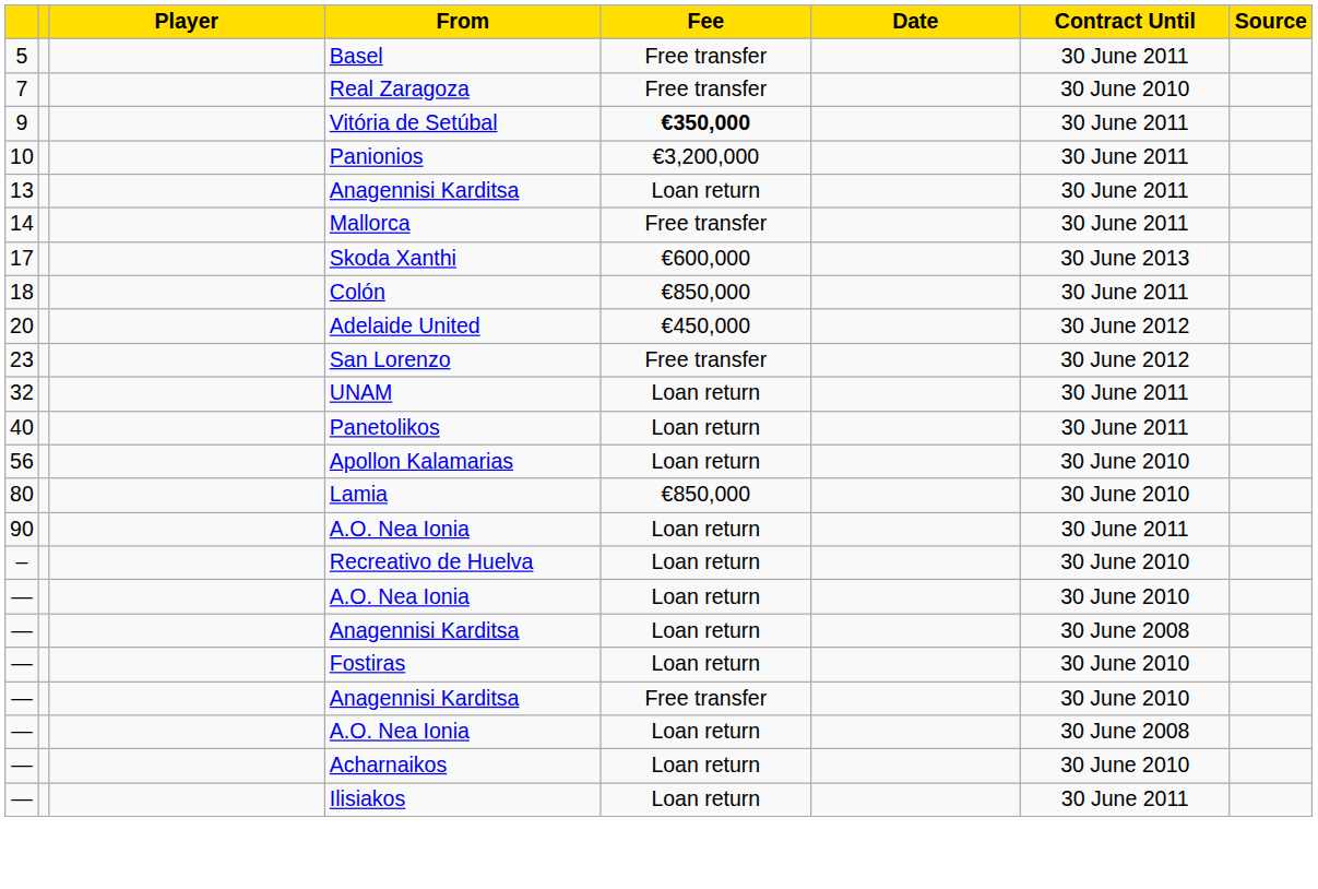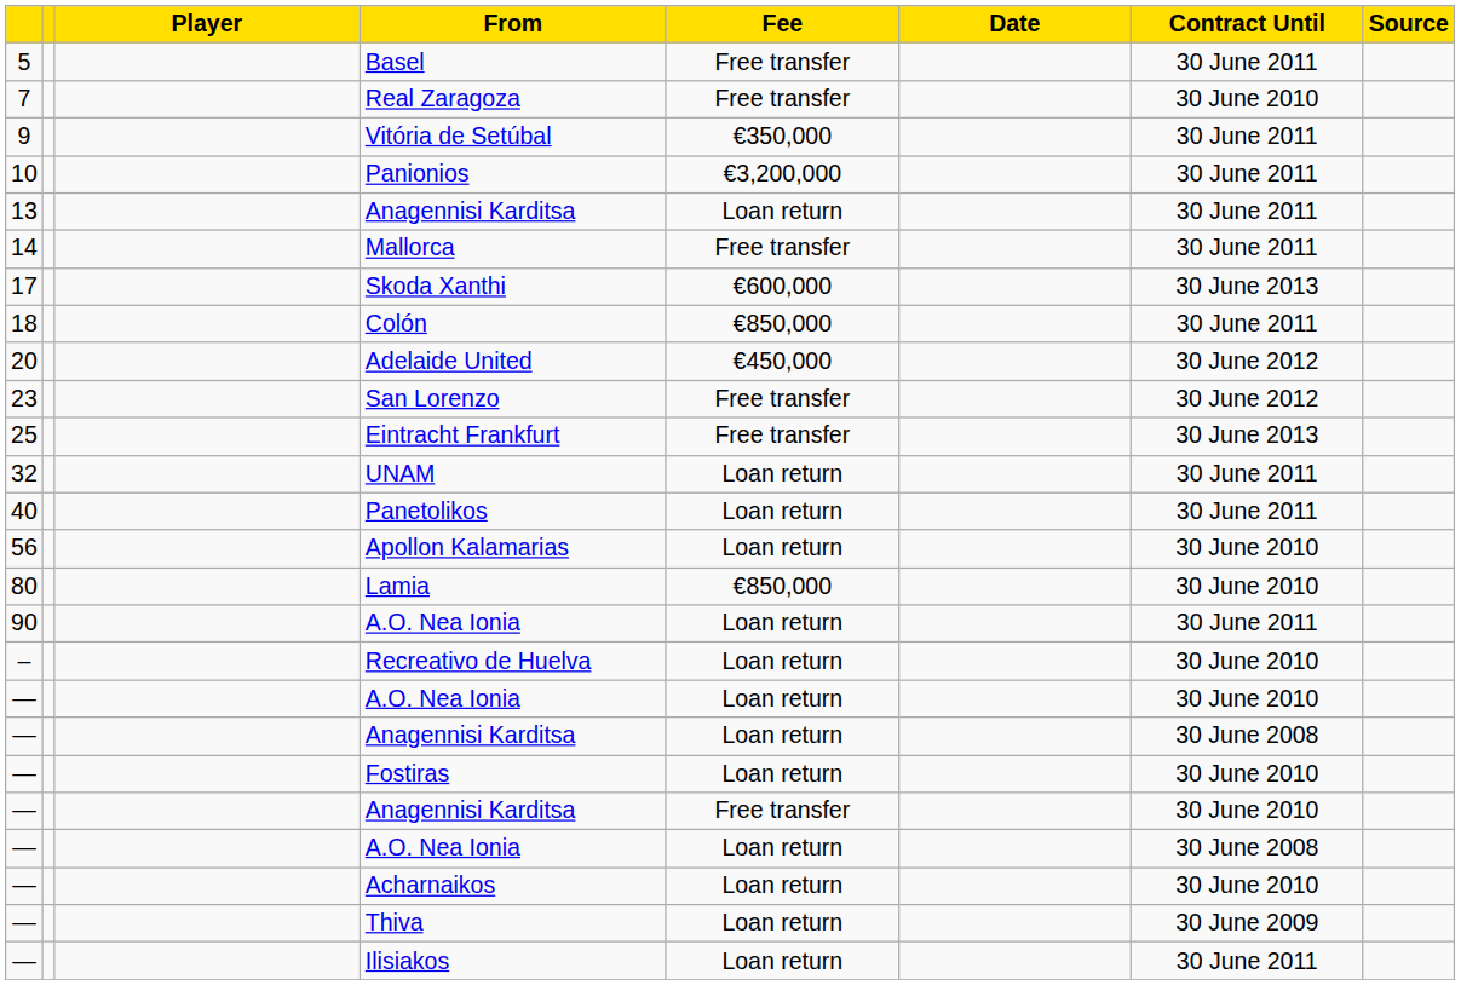 <table class="wikitable sortable">
 <tr>
 <th style="background:#FFDE00"></th>
 <th style="background:#FFDE00"></th>
 <th width=200 style="background:#FFDE00">Player</th>
 <th width=200 style="background:#FFDE00">From</th>
 <th width=150 style="background:#FFDE00">Fee</th>
 <th width=150 style="background:#FFDE00">Date</th>
 <th width=150 style="background:#FFDE00">Contract Until</th>
 <th style="background:#FFDE00">Source</th>
 </tr>
 <tr>
 <td align=center>5</td>
 <td align=center></td>
 <td></td>
 <td> <a href='#'>Basel</a></td>
 <td align=center>Free transfer</td>
 <td align=center></td>
 <td align=center>30 June 2011</td>
 <td align=center></td>
 </tr>
 <tr>
 <td align=center>7</td>
 <td align=center></td>
 <td></td>
 <td> <a href='#'>Real Zaragoza</a></td>
 <td align=center>Free transfer</td>
 <td align=center></td>
 <td align=center>30 June 2010</td>
 <td align=center></td>
 </tr>
 <tr>
 <td align=center>9</td>
 <td align=center></td>
 <td></td>
 <td> <a href='#'>Vitória de Setúbal</a></td>
-<td align=center><strong>€350,000</strong></td>
+<td align=center>€350,000</td>
 <td align=center></td>
 <td align=center>30 June 2011</td>
 <td align=center></td>
 </tr>
 <tr>
 <td align=center>10</td>
 <td align=center></td>
 <td></td>
 <td> <a href='#'>Panionios</a></td>
 <td align=center>€3,200,000</td>
 <td align=center></td>
 <td align=center>30 June 2011</td>
 <td align=center></td>
 </tr>
 <tr>
 <td align=center>13</td>
 <td align=center></td>
 <td></td>
 <td> <a href='#'>Anagennisi Karditsa</a></td>
 <td align=center>Loan return</td>
 <td align=center></td>
 <td align=center>30 June 2011</td>
 <td align=center></td>
 </tr>
 <tr>
 <td align=center>14</td>
 <td align=center></td>
 <td></td>
 <td> <a href='#'>Mallorca</a></td>
 <td align=center>Free transfer</td>
 <td align=center></td>
 <td align=center>30 June 2011</td>
 <td align=center></td>
 </tr>
 <tr>
 <td align=center>17</td>
 <td align=center></td>
 <td></td>
 <td> <a href='#'>Skoda Xanthi</a></td>
 <td align=center>€600,000</td>
 <td align=center></td>
 <td align=center>30 June 2013</td>
 <td align=center></td>
 </tr>
 <tr>
 <td align=center>18</td>
 <td align=center></td>
 <td></td>
 <td> <a href='#'>Colón</a></td>
 <td align=center>€850,000</td>
 <td align=center></td>
 <td align=center>30 June 2011</td>
 <td align=center></td>
 </tr>
 <tr>
 <td align=center>20</td>
 <td align=center></td>
 <td></td>
 <td> <a href='#'>Adelaide United</a></td>
 <td align=center>€450,000</td>
 <td align=center></td>
 <td align=center>30 June 2012</td>
 <td align=center></td>
 </tr>
 <tr>
 <td align=center>23</td>
 <td align=center></td>
 <td></td>
 <td> <a href='#'>San Lorenzo</a></td>
 <td align=center>Free transfer</td>
 <td align=center></td>
 <td align=center>30 June 2012</td>
+<td align=center></td>
+</tr>
+<tr>
+<td align=center>25</td>
+<td align=center></td>
+<td></td>
+<td> <a href='#'>Eintracht Frankfurt</a></td>
+<td align=center>Free transfer</td>
+<td align=center></td>
+<td align=center>30 June 2013</td>
 <td align=center></td>
 </tr>
 <tr>
 <td align=center>32</td>
 <td align=center></td>
 <td></td>
 <td> <a href='#'>UNAM</a></td>
 <td align=center>Loan return</td>
 <td align=center></td>
 <td align=center>30 June 2011</td>
 <td align=center></td>
 </tr>
 <tr>
 <td align=center>40</td>
 <td align=center></td>
 <td></td>
 <td> <a href='#'>Panetolikos</a></td>
 <td align=center>Loan return</td>
 <td align=center></td>
 <td align=center>30 June 2011</td>
 <td align=center></td>
 </tr>
 <tr>
 <td align=center>56</td>
 <td align=center></td>
 <td></td>
 <td> <a href='#'>Apollon Kalamarias</a></td>
 <td align=center>Loan return</td>
 <td align=center></td>
 <td align=center>30 June 2010</td>
 <td align=center></td>
 </tr>
 <tr>
 <td align=center>80</td>
 <td align=center></td>
 <td></td>
 <td> <a href='#'>Lamia</a></td>
 <td align=center>€850,000</td>
 <td align=center></td>
 <td align=center>30 June 2010</td>
 <td align=center></td>
 </tr>
 <tr>
 <td align=center>90</td>
 <td align=center></td>
 <td></td>
 <td> <a href='#'>A.O. Nea Ionia</a></td>
 <td align=center>Loan return</td>
 <td align=center></td>
 <td align=center>30 June 2011</td>
 <td align=center></td>
 </tr>
 <tr>
 <td align=center>–</td>
 <td align=center></td>
 <td></td>
 <td> <a href='#'>Recreativo de Huelva</a></td>
 <td align=center>Loan return</td>
 <td align=center></td>
 <td align=center>30 June 2010</td>
 <td align=center></td>
 </tr>
 <tr>
 <td align=center>—</td>
 <td align=center></td>
 <td></td>
 <td> <a href='#'>A.O. Nea Ionia</a></td>
 <td align=center>Loan return</td>
 <td align=center></td>
 <td align=center>30 June 2010</td>
 <td align=center></td>
 </tr>
 <tr>
 <td align=center>—</td>
 <td align=center></td>
 <td></td>
 <td> <a href='#'>Anagennisi Karditsa</a></td>
 <td align=center>Loan return</td>
 <td align=center></td>
 <td align=center>30 June 2008</td>
 <td align=center></td>
 </tr>
 <tr>
 <td align=center>—</td>
 <td align=center></td>
 <td></td>
 <td> <a href='#'>Fostiras</a></td>
 <td align=center>Loan return</td>
 <td align=center></td>
 <td align=center>30 June 2010</td>
 <td align=center></td>
 </tr>
 <tr>
 <td align=center>—</td>
 <td align=center></td>
 <td></td>
 <td> <a href='#'>Anagennisi Karditsa</a></td>
 <td align=center>Free transfer</td>
 <td align=center></td>
 <td align=center>30 June 2010</td>
 <td align=center></td>
 </tr>
 <tr>
 <td align=center>—</td>
 <td align=center></td>
 <td></td>
 <td> <a href='#'>A.O. Nea Ionia</a></td>
 <td align=center>Loan return</td>
 <td align=center></td>
 <td align=center>30 June 2008</td>
 <td align=center></td>
 </tr>
 <tr>
 <td align=center>—</td>
 <td align=center></td>
 <td></td>
 <td> <a href='#'>Acharnaikos</a></td>
 <td align=center>Loan return</td>
 <td align=center></td>
 <td align=center>30 June 2010</td>
 <td align=center></td>
 </tr>
 <tr>
 <td align=center>—</td>
 <td align=center></td>
 <td></td>
+<td> <a href='#'>Thiva</a></td>
+<td align=center>Loan return</td>
+<td align=center></td>
+<td align=center>30 June 2009</td>
+<td align=center></td>
+</tr>
+<tr>
+<td align=center>—</td>
+<td align=center></td>
+<td></td>
 <td> <a href='#'>Ilisiakos</a></td>
 <td align=center>Loan return</td>
 <td align=center></td>
 <td align=center>30 June 2011</td>
 <td align=center></td>
 </tr>
 </table>
